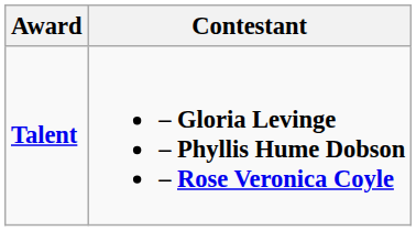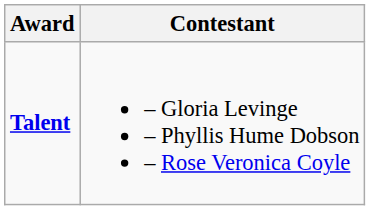 <table class="wikitable sortable" style="font-size: 95%;">
 <tr>
 <th>Award</th>
 <th>Contestant</th>
 </tr>
 <tr>
 <td><strong><a href='#'>Talent</a></strong></td>
-<td><strong><br><ul><li> – Gloria Levinge</li><li> – Phyllis Hume Dobson</li><li> – <a href='#'>Rose Veronica Coyle</a></li></ul></strong></td>
+<td><br><ul><li> – Gloria Levinge</li><li> – Phyllis Hume Dobson</li><li> – <a href='#'>Rose Veronica Coyle</a></li></ul></td>
 </tr>
 </table>
